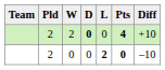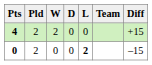 <table style=border-collapse:collapse border=1 cellspacing=0 cellpadding=5>
 <tr align=center bgcolor=#efefef>
-<th>Team</th>
+<th>Pts</th>
 <th>Pld</th>
 <th>W</th>
 <th>D</th>
 <th>L</th>
-<th>Pts</th>
+<th>Team</th>
 <th>Diff</th>
 </tr>
 <tr align=center style="background:#D0F0C0;">
-<td style="text-align:left;"> </td>
+<td><strong>4</strong></td>
 <td>2</td>
 <td>2</td>
-<td><strong>0</strong></td>
 <td>0</td>
-<td><strong>4</strong></td>
-<td>+10</td>
+<td>0</td>
+<td style="text-align:left;"> </td>
+<td>+15</td>
 </tr>
 <tr align=center style="background:#FFFFFF;">
-<td style="text-align:left;"> </td>
+<td><strong>0</strong></td>
 <td>2</td>
 <td>0</td>
 <td>0</td>
 <td><strong>2</strong></td>
-<td><strong>0</strong></td>
-<td>–10</td>
+<td style="text-align:left;"> </td>
+<td>–15</td>
 </tr>
 </table>
